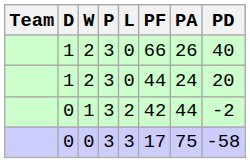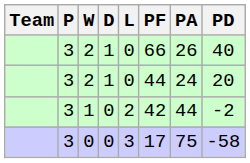 <table class="wikitable" style="text-align: center;">
 <tr>
 <th>Team</th>
+<th>P</th>
+<th>W</th>
 <th>D</th>
-<th>W</th>
-<th>P</th>
 <th>L</th>
 <th>PF</th>
 <th>PA</th>
 <th>PD</th>
 </tr>
 <tr bgcolor=ccffcc>
 <td align="left"></td>
+<td>3</td>
+<td>2</td>
 <td>1</td>
-<td>2</td>
-<td>3</td>
 <td>0</td>
 <td>66</td>
 <td>26</td>
 <td>40</td>
 </tr>
 <tr bgcolor=ccffcc>
 <td align="left"></td>
+<td>3</td>
+<td>2</td>
 <td>1</td>
-<td>2</td>
-<td>3</td>
 <td>0</td>
 <td>44</td>
 <td>24</td>
 <td>20</td>
 </tr>
 <tr bgcolor=ccffcc>
 <td align="left"></td>
+<td>3</td>
+<td>1</td>
 <td>0</td>
-<td>1</td>
-<td>3</td>
 <td>2</td>
 <td>42</td>
 <td>44</td>
 <td>-2</td>
 </tr>
 <tr bgcolor=ccccff>
 <td align="left"></td>
+<td>3</td>
 <td>0</td>
 <td>0</td>
-<td>3</td>
 <td>3</td>
 <td>17</td>
 <td>75</td>
 <td>-58</td>
 </tr>
 </table>
